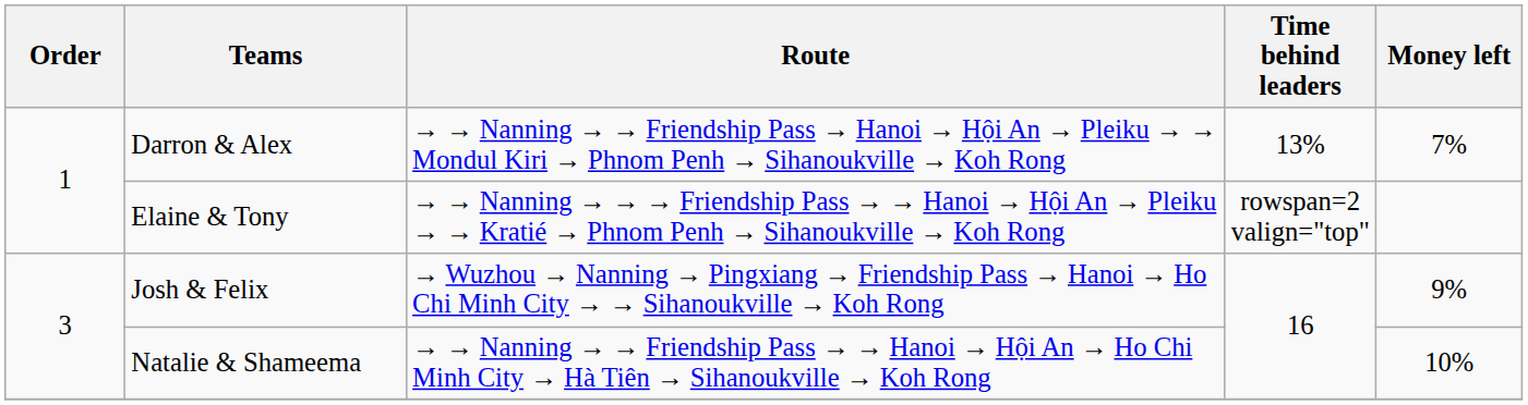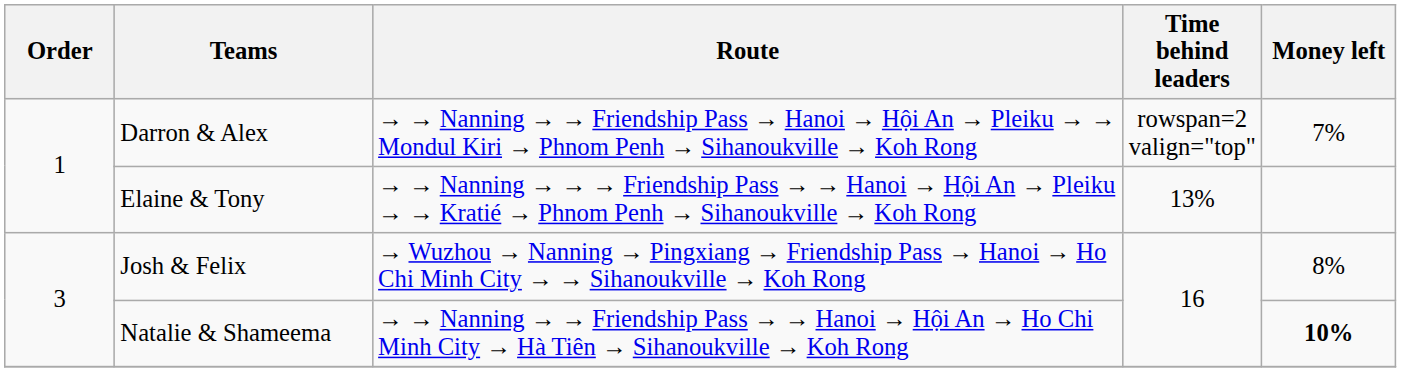 <table class="wikitable sortable" style="text-align:center">
 <tr>
 <th style="width:4em">Order</th>
 <th style="width:10em">Teams</th>
 <th style="width:30em">Route</th>
 <th style="width:5em">Time behind leaders</th>
 <th style="width:5em">Money left</th>
 </tr>
 <tr>
 <td rowspan="2">1</td>
 <td style="text-align:left">Darron & Alex</td>
 <td style="text-align:left"> →  → <a href='#'>Nanning</a> → → <a href='#'>Friendship Pass</a> → <a href='#'>Hanoi</a>  → <a href='#'>Hội An</a>   → <a href='#'>Pleiku</a>  → → <a href='#'>Mondul Kiri</a>   → <a href='#'>Phnom Penh</a>  → <a href='#'>Sihanoukville</a>  → <a href='#'>Koh Rong</a></td>
-<td>13%</td>
+<td>rowspan=2 valign="top" </td>
 <td>7%</td>
 </tr>
 <tr>
 <td style="text-align:left">Elaine & Tony</td>
 <td style="text-align:left"> →  → <a href='#'>Nanning</a> →  →  → <a href='#'>Friendship Pass</a> → → <a href='#'>Hanoi</a>  → <a href='#'>Hội An</a>  → <a href='#'>Pleiku</a>  →  → <a href='#'>Kratié</a>  → <a href='#'>Phnom Penh</a>  → <a href='#'>Sihanoukville</a>  → <a href='#'>Koh Rong</a></td>
-<td>rowspan=2 valign="top" </td>
+<td>13%</td>
 </tr>
 <tr>
 <td rowspan="2">3</td>
 <td style="text-align:left">Josh & Felix</td>
 <td style="text-align:left"> → <a href='#'>Wuzhou</a> → <a href='#'>Nanning</a>  → <a href='#'>Pingxiang</a> → <a href='#'>Friendship Pass</a> → <a href='#'>Hanoi</a>  → <a href='#'>Ho Chi Minh City</a>  →  → <a href='#'>Sihanoukville</a>  → <a href='#'>Koh Rong</a></td>
 <td rowspan="2">16</td>
-<td>9%</td>
+<td>8%</td>
 </tr>
 <tr>
 <td style="text-align:left">Natalie & Shameema</td>
 <td style="text-align:left">→  → <a href='#'>Nanning</a> → → <a href='#'>Friendship Pass</a>  → → <a href='#'>Hanoi</a>  → <a href='#'>Hội An</a>  → <a href='#'>Ho Chi Minh City</a>  → <a href='#'>Hà Tiên</a> → <a href='#'>Sihanoukville</a>  → <a href='#'>Koh Rong</a></td>
-<td>10%</td>
+<td><strong>10%</strong></td>
 </tr>
 <tr>
 </tr>
 </table>
